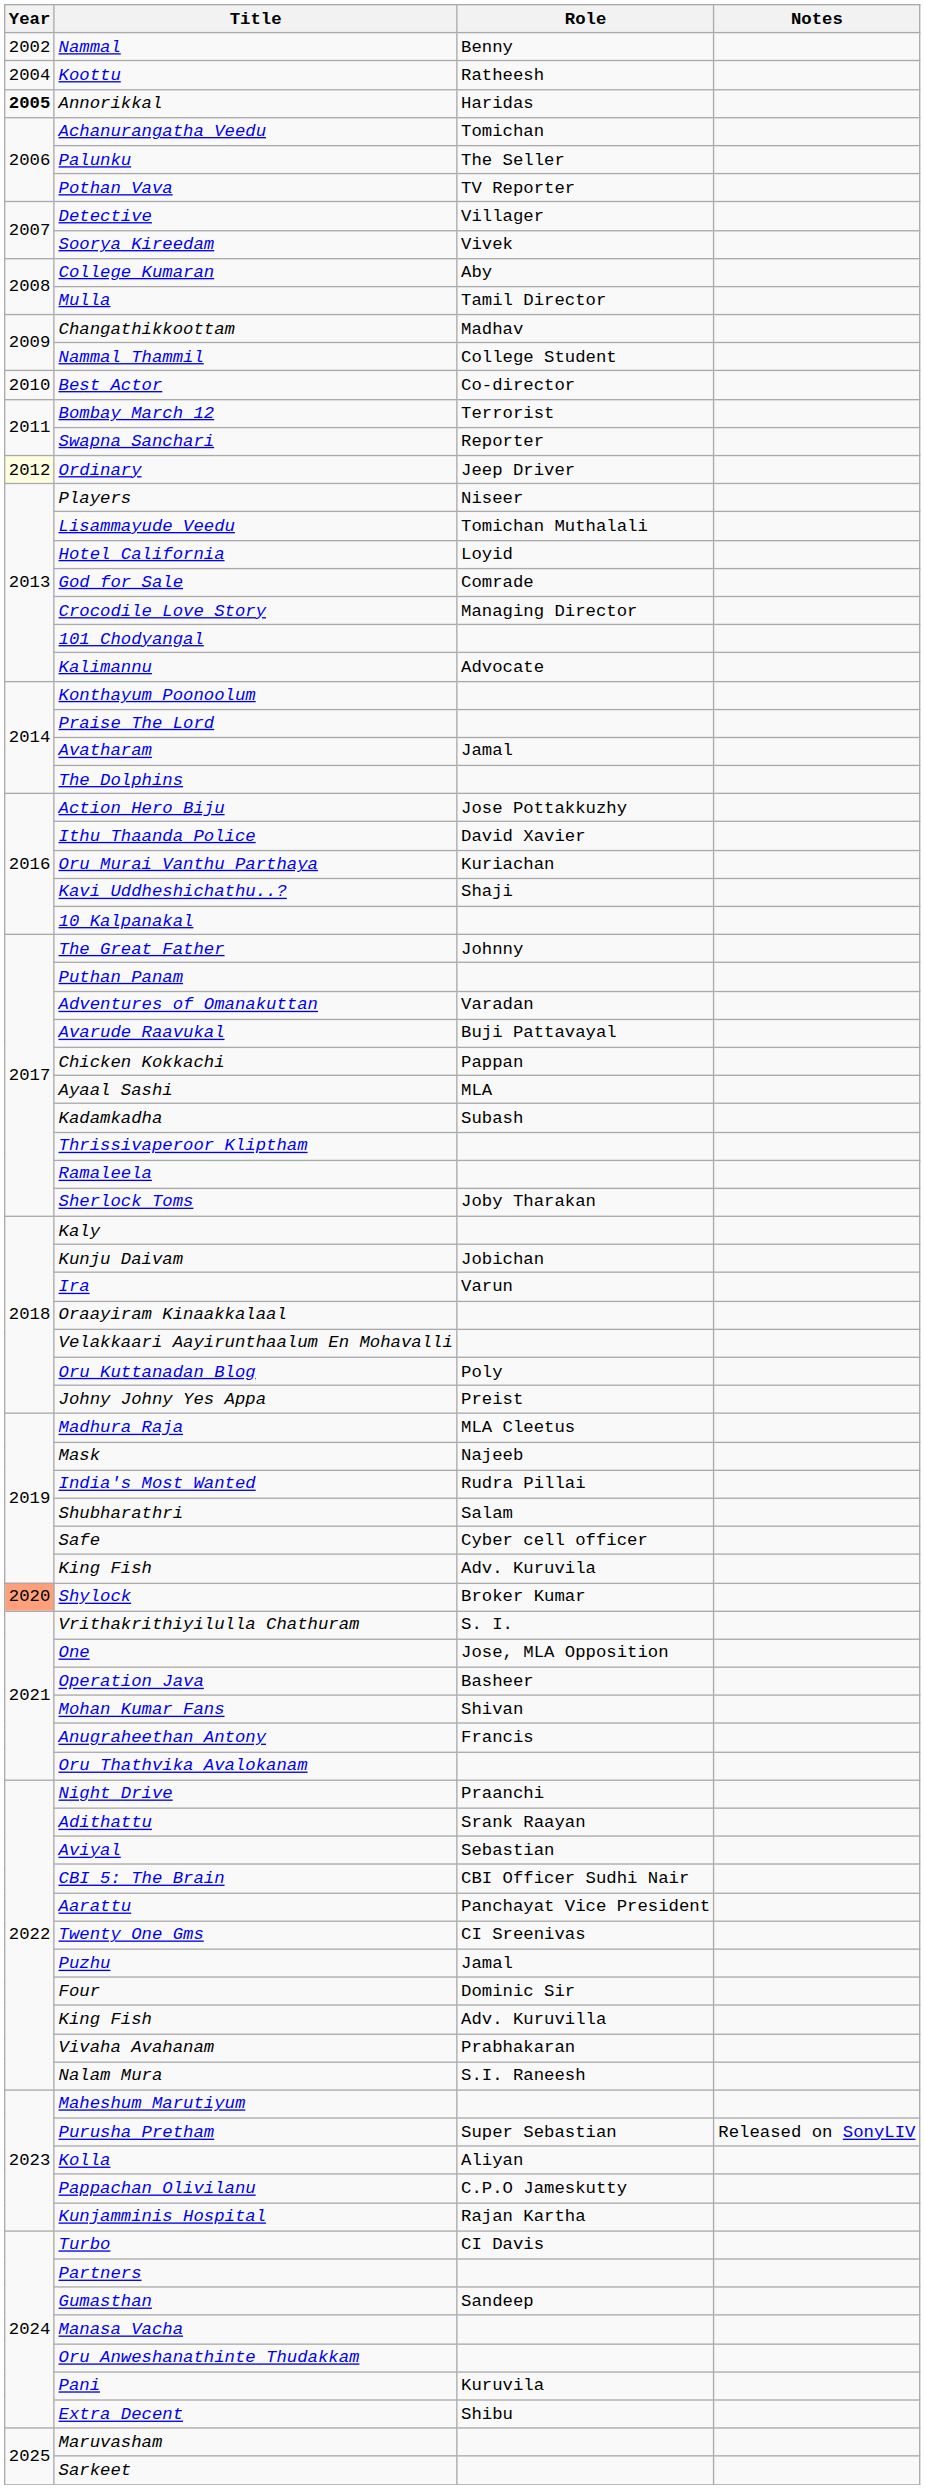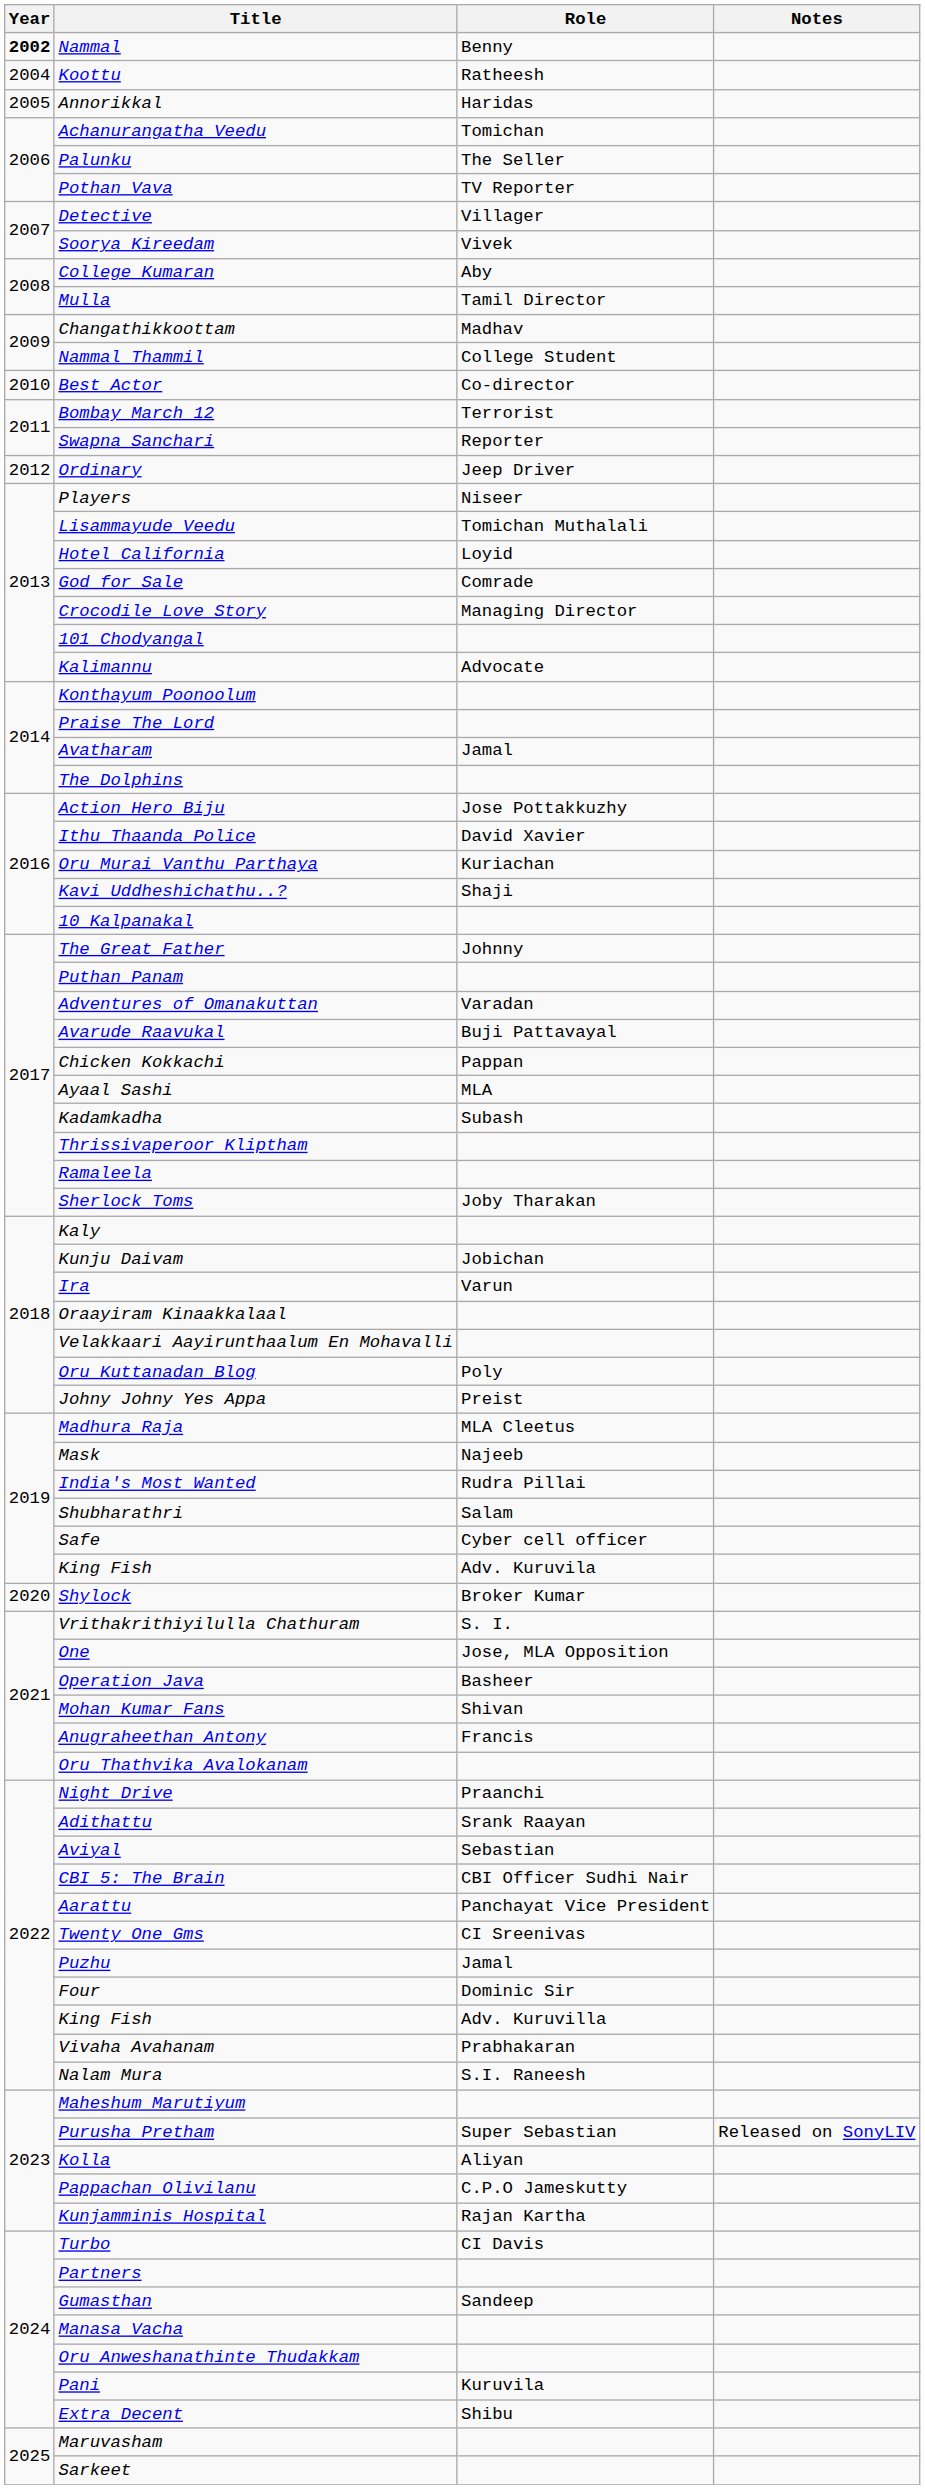 <table class="wikitable sortable">
 <tr>
 <th>Year</th>
 <th>Title</th>
 <th>Role</th>
 <th class="unsortable">Notes</th>
 </tr>
 <tr>
-<td>2002</td>
+<td><strong>2002</strong></td>
 <td><em><a href='#'>Nammal</a></em></td>
 <td>Benny</td>
 <td></td>
 </tr>
 <tr>
 <td>2004</td>
 <td><em><a href='#'>Koottu</a></em></td>
 <td>Ratheesh</td>
 <td></td>
 </tr>
 <tr>
-<td><strong>2005</strong></td>
+<td>2005</td>
 <td><em>Annorikkal</em></td>
 <td>Haridas</td>
 <td></td>
 </tr>
 <tr>
 <td rowspan=3>2006</td>
 <td><em><a href='#'>Achanurangatha Veedu</a></em></td>
 <td>Tomichan</td>
 <td></td>
 </tr>
 <tr>
 <td><em><a href='#'>Palunku</a></em></td>
 <td>The Seller</td>
 <td></td>
 </tr>
 <tr>
 <td><em><a href='#'>Pothan Vava</a></em></td>
 <td>TV Reporter</td>
 <td></td>
 </tr>
 <tr>
 <td rowspan=2>2007</td>
 <td><em><a href='#'>Detective</a></em></td>
 <td>Villager</td>
 <td></td>
 </tr>
 <tr>
 <td><em><a href='#'>Soorya Kireedam</a></em></td>
 <td>Vivek</td>
 <td></td>
 </tr>
 <tr>
 <td rowspan=2>2008</td>
 <td><em><a href='#'>College Kumaran</a></em></td>
 <td>Aby</td>
 <td></td>
 </tr>
 <tr>
 <td><em><a href='#'>Mulla</a></em></td>
 <td>Tamil Director</td>
 <td></td>
 </tr>
 <tr>
 <td rowspan=2>2009</td>
 <td><em>Changathikkoottam</em></td>
 <td>Madhav</td>
 <td></td>
 </tr>
 <tr>
 <td><em><a href='#'>Nammal Thammil</a></em></td>
 <td>College Student</td>
 <td></td>
 </tr>
 <tr>
 <td>2010</td>
 <td><em><a href='#'>Best Actor</a></em></td>
 <td>Co-director</td>
 <td></td>
 </tr>
 <tr>
 <td rowspan=2>2011</td>
 <td><em><a href='#'>Bombay March 12</a></em></td>
 <td>Terrorist</td>
 <td></td>
 </tr>
 <tr>
 <td><em><a href='#'>Swapna Sanchari</a></em></td>
 <td>Reporter</td>
 <td></td>
 </tr>
 <tr>
-<td style="background: lightyellow;">2012</td>
+<td>2012</td>
 <td><em><a href='#'>Ordinary</a></em></td>
 <td>Jeep Driver</td>
 <td></td>
 </tr>
 <tr>
 <td rowspan=7>2013</td>
 <td><em>Players</em></td>
 <td>Niseer</td>
 <td></td>
 </tr>
 <tr>
 <td><em><a href='#'>Lisammayude Veedu</a></em></td>
 <td>Tomichan Muthalali</td>
 <td></td>
 </tr>
 <tr>
 <td><em><a href='#'>Hotel California</a></em></td>
 <td>Loyid</td>
 <td></td>
 </tr>
 <tr>
 <td><em><a href='#'>God for Sale</a></em></td>
 <td>Comrade</td>
 <td></td>
 </tr>
 <tr>
 <td><em><a href='#'>Crocodile Love Story</a></em></td>
 <td>Managing Director</td>
 <td></td>
 </tr>
 <tr>
 <td><em><a href='#'>101 Chodyangal</a></em></td>
 <td></td>
 <td></td>
 </tr>
 <tr>
 <td><em><a href='#'>Kalimannu</a></em></td>
 <td>Advocate</td>
 <td></td>
 </tr>
 <tr>
 <td rowspan=4>2014</td>
 <td><em><a href='#'>Konthayum Poonoolum</a></em></td>
 <td></td>
 <td></td>
 </tr>
 <tr>
 <td><em><a href='#'>Praise The Lord</a></em></td>
 <td></td>
 <td></td>
 </tr>
 <tr>
 <td><em><a href='#'>Avatharam</a></em></td>
 <td>Jamal</td>
 <td></td>
 </tr>
 <tr>
 <td><em><a href='#'>The Dolphins</a></em></td>
 <td></td>
 <td></td>
 </tr>
 <tr>
 <td rowspan=5>2016</td>
 <td><em><a href='#'>Action Hero Biju</a></em></td>
 <td>Jose Pottakkuzhy</td>
 <td></td>
 </tr>
 <tr>
 <td><em><a href='#'>Ithu Thaanda Police</a></em></td>
 <td>David Xavier</td>
 <td></td>
 </tr>
 <tr>
 <td><em><a href='#'>Oru Murai Vanthu Parthaya</a></em></td>
 <td>Kuriachan</td>
 <td></td>
 </tr>
 <tr>
 <td><em><a href='#'>Kavi Uddheshichathu..?</a></em></td>
 <td>Shaji</td>
 <td></td>
 </tr>
 <tr>
 <td><em><a href='#'>10 Kalpanakal</a></em></td>
 <td></td>
 <td></td>
 </tr>
 <tr>
 <td rowspan=10>2017</td>
 <td><em><a href='#'>The Great Father</a></em></td>
 <td>Johnny</td>
 <td></td>
 </tr>
 <tr>
 <td><em><a href='#'>Puthan Panam</a></em></td>
 <td></td>
 <td></td>
 </tr>
 <tr>
 <td><em><a href='#'>Adventures of Omanakuttan</a></em></td>
 <td>Varadan</td>
 <td></td>
 </tr>
 <tr>
 <td><em><a href='#'>Avarude Raavukal</a></em></td>
 <td>Buji Pattavayal</td>
 <td></td>
 </tr>
 <tr>
 <td><em>Chicken Kokkachi</em></td>
 <td>Pappan</td>
 <td></td>
 </tr>
 <tr>
 <td><em>Ayaal Sashi</em></td>
 <td>MLA</td>
 <td></td>
 </tr>
 <tr>
 <td><em>Kadamkadha</em></td>
 <td>Subash</td>
 <td></td>
 </tr>
 <tr>
 <td><em><a href='#'>Thrissivaperoor Kliptham</a></em></td>
 <td></td>
 <td></td>
 </tr>
 <tr>
 <td><em><a href='#'>Ramaleela</a></em></td>
 <td></td>
 <td></td>
 </tr>
 <tr>
 <td><em><a href='#'>Sherlock Toms</a></em></td>
 <td>Joby Tharakan</td>
 <td></td>
 </tr>
 <tr>
 <td rowspan=7>2018</td>
 <td><em>Kaly</em></td>
 <td></td>
 <td></td>
 </tr>
 <tr>
 <td><em>Kunju Daivam</em></td>
 <td>Jobichan</td>
 <td></td>
 </tr>
 <tr>
 <td><em><a href='#'>Ira</a></em></td>
 <td>Varun</td>
 <td></td>
 </tr>
 <tr>
 <td><em>Oraayiram Kinaakkalaal</em></td>
 <td></td>
 <td></td>
 </tr>
 <tr>
 <td><em>Velakkaari Aayirunthaalum En Mohavalli</em></td>
 <td></td>
 <td></td>
 </tr>
 <tr>
 <td><em><a href='#'>Oru Kuttanadan Blog</a></em></td>
 <td>Poly</td>
 <td></td>
 </tr>
 <tr>
 <td><em>Johny Johny Yes Appa</em></td>
 <td>Preist</td>
 <td></td>
 </tr>
 <tr>
 <td rowspan=6>2019</td>
 <td><em><a href='#'>Madhura Raja</a></em></td>
 <td>MLA Cleetus</td>
 <td></td>
 </tr>
 <tr>
 <td><em>Mask</em></td>
 <td>Najeeb</td>
 <td></td>
 </tr>
 <tr>
 <td><em><a href='#'>India's Most Wanted</a></em></td>
 <td>Rudra Pillai</td>
 <td></td>
 </tr>
 <tr>
 <td><em>Shubharathri</em></td>
 <td>Salam</td>
 <td></td>
 </tr>
 <tr>
 <td><em>Safe</em></td>
 <td>Cyber cell officer</td>
 <td></td>
 </tr>
 <tr>
 <td><em>King Fish</em></td>
 <td>Adv. Kuruvila</td>
 <td></td>
 </tr>
 <tr>
-<td style="background: lightsalmon;">2020</td>
+<td>2020</td>
 <td><em><a href='#'>Shylock</a></em></td>
 <td>Broker Kumar</td>
 <td></td>
 </tr>
 <tr>
 <td rowspan=6>2021</td>
 <td><em>Vrithakrithiyilulla Chathuram</em></td>
 <td>S. I.</td>
 <td></td>
 </tr>
 <tr>
 <td><em><a href='#'>One</a></em></td>
 <td>Jose, MLA Opposition</td>
 <td></td>
 </tr>
 <tr>
 <td><em><a href='#'>Operation Java</a></em></td>
 <td>Basheer</td>
 <td></td>
 </tr>
 <tr>
 <td><em><a href='#'>Mohan Kumar Fans</a></em></td>
 <td>Shivan</td>
 <td></td>
 </tr>
 <tr>
 <td><em><a href='#'>Anugraheethan Antony</a></em></td>
 <td>Francis</td>
 <td></td>
 </tr>
 <tr>
 <td><em><a href='#'>Oru Thathvika Avalokanam</a></em></td>
 <td></td>
 <td></td>
 </tr>
 <tr>
 <td rowspan=11>2022</td>
 <td><em><a href='#'>Night Drive</a></em></td>
 <td>Praanchi</td>
 <td></td>
 </tr>
 <tr>
 <td><em><a href='#'>Adithattu</a></em></td>
 <td>Srank Raayan</td>
 <td></td>
 </tr>
 <tr>
 <td><em><a href='#'>Aviyal</a></em></td>
 <td>Sebastian</td>
 <td></td>
 </tr>
 <tr>
 <td><em><a href='#'>CBI 5: The Brain</a></em></td>
 <td>CBI Officer Sudhi Nair</td>
 <td></td>
 </tr>
 <tr>
 <td><em><a href='#'>Aarattu</a></em></td>
 <td>Panchayat Vice President</td>
 <td></td>
 </tr>
 <tr>
 <td><em><a href='#'>Twenty One Gms</a></em></td>
 <td>CI Sreenivas</td>
 <td></td>
 </tr>
 <tr>
 <td><em><a href='#'>Puzhu</a></em></td>
 <td>Jamal</td>
 <td></td>
 </tr>
 <tr>
 <td><em>Four</em></td>
 <td>Dominic Sir</td>
 <td></td>
 </tr>
 <tr>
 <td><em>King Fish</em></td>
 <td>Adv. Kuruvilla</td>
 <td></td>
 </tr>
 <tr>
 <td><em>Vivaha Avahanam</em></td>
 <td>Prabhakaran</td>
 <td></td>
 </tr>
 <tr>
 <td><em>Nalam Mura</em></td>
 <td>S.I. Raneesh</td>
 <td></td>
 </tr>
 <tr>
 <td rowspan="5">2023</td>
 <td><em><a href='#'>Maheshum Marutiyum</a></em></td>
 <td></td>
 <td></td>
 </tr>
 <tr>
 <td><em><a href='#'>Purusha Pretham</a></em></td>
 <td>Super Sebastian </td>
 <td>Released on <a href='#'>SonyLIV</a></td>
 </tr>
 <tr>
 <td><em><a href='#'>Kolla</a></em></td>
 <td>Aliyan</td>
 <td></td>
 </tr>
 <tr>
 <td><em><a href='#'>Pappachan Olivilanu</a></em></td>
 <td>C.P.O Jameskutty</td>
 <td></td>
 </tr>
 <tr>
 <td><em><a href='#'>Kunjamminis Hospital</a></em></td>
 <td>Rajan Kartha</td>
 <td></td>
 </tr>
 <tr>
 <td rowspan=7>2024</td>
 <td><em><a href='#'>Turbo</a></em></td>
 <td>CI Davis</td>
 <td></td>
 </tr>
 <tr>
 <td><em><a href='#'>Partners</a></em></td>
 <td></td>
 <td></td>
 </tr>
 <tr>
 <td><em><a href='#'>Gumasthan</a></em></td>
 <td>Sandeep</td>
 <td></td>
 </tr>
 <tr>
 <td><em><a href='#'>Manasa Vacha</a></em></td>
 <td></td>
 <td></td>
 </tr>
 <tr>
 <td><em><a href='#'>Oru Anweshanathinte Thudakkam</a></em></td>
 <td></td>
 <td></td>
 </tr>
 <tr>
 <td><em><a href='#'>Pani</a></em></td>
 <td>Kuruvila</td>
 <td></td>
 </tr>
 <tr>
 <td><em><a href='#'>Extra Decent</a></em></td>
 <td>Shibu</td>
 <td></td>
 </tr>
 <tr>
 <td rowspan=2>2025</td>
 <td><em>Maruvasham</em></td>
 <td></td>
 <td></td>
 </tr>
 <tr>
 <td><em>Sarkeet</em></td>
 <td></td>
 <td></td>
 </tr>
 <tr>
 </tr>
 </table>
